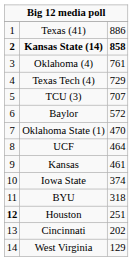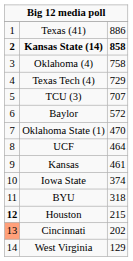 <table class="wikitable" style="display: inline-table;">
 <tr>
 <td align="center" Colspan="3"><strong>Big 12 media poll</strong></td>
 </tr>
 <tr align="center">
 </tr>
 <tr align="center">
 <td>1</td>
 <td>Texas (41)</td>
 <td>886</td>
 </tr>
 <tr align="center">
 <td><strong>2</strong></td>
 <td><strong>Kansas State (14)</strong></td>
 <td><strong>858</strong></td>
 </tr>
 <tr align="center">
 <td>3</td>
 <td>Oklahoma (4)</td>
-<td>761</td>
+<td>758</td>
 </tr>
 <tr align="center">
 <td>4</td>
 <td>Texas Tech (4)</td>
 <td>729</td>
 </tr>
 <tr align="center">
 <td>5</td>
 <td>TCU (3)</td>
 <td>707</td>
 </tr>
 <tr align="center">
 <td>6</td>
 <td>Baylor</td>
 <td>572</td>
 </tr>
 <tr align="center">
 <td>7</td>
 <td>Oklahoma State (1)</td>
 <td>470</td>
 </tr>
 <tr align="center">
 <td>8</td>
 <td>UCF</td>
 <td>464</td>
 </tr>
 <tr align="center">
 <td>9</td>
 <td>Kansas</td>
 <td>461</td>
 </tr>
 <tr align="center">
 <td>10</td>
 <td>Iowa State</td>
 <td>374</td>
 </tr>
 <tr align="center">
 <td>11</td>
 <td>BYU</td>
 <td>318</td>
 </tr>
 <tr align="center">
 <td><strong>12</strong></td>
 <td>Houston</td>
-<td>251</td>
+<td>215</td>
 </tr>
 <tr align="center">
-<td>13</td>
+<td style="background: lightsalmon;">13</td>
 <td>Cincinnati</td>
 <td>202</td>
 </tr>
 <tr align="center">
 <td>14</td>
 <td>West Virginia</td>
 <td>129</td>
 </tr>
 </table>
